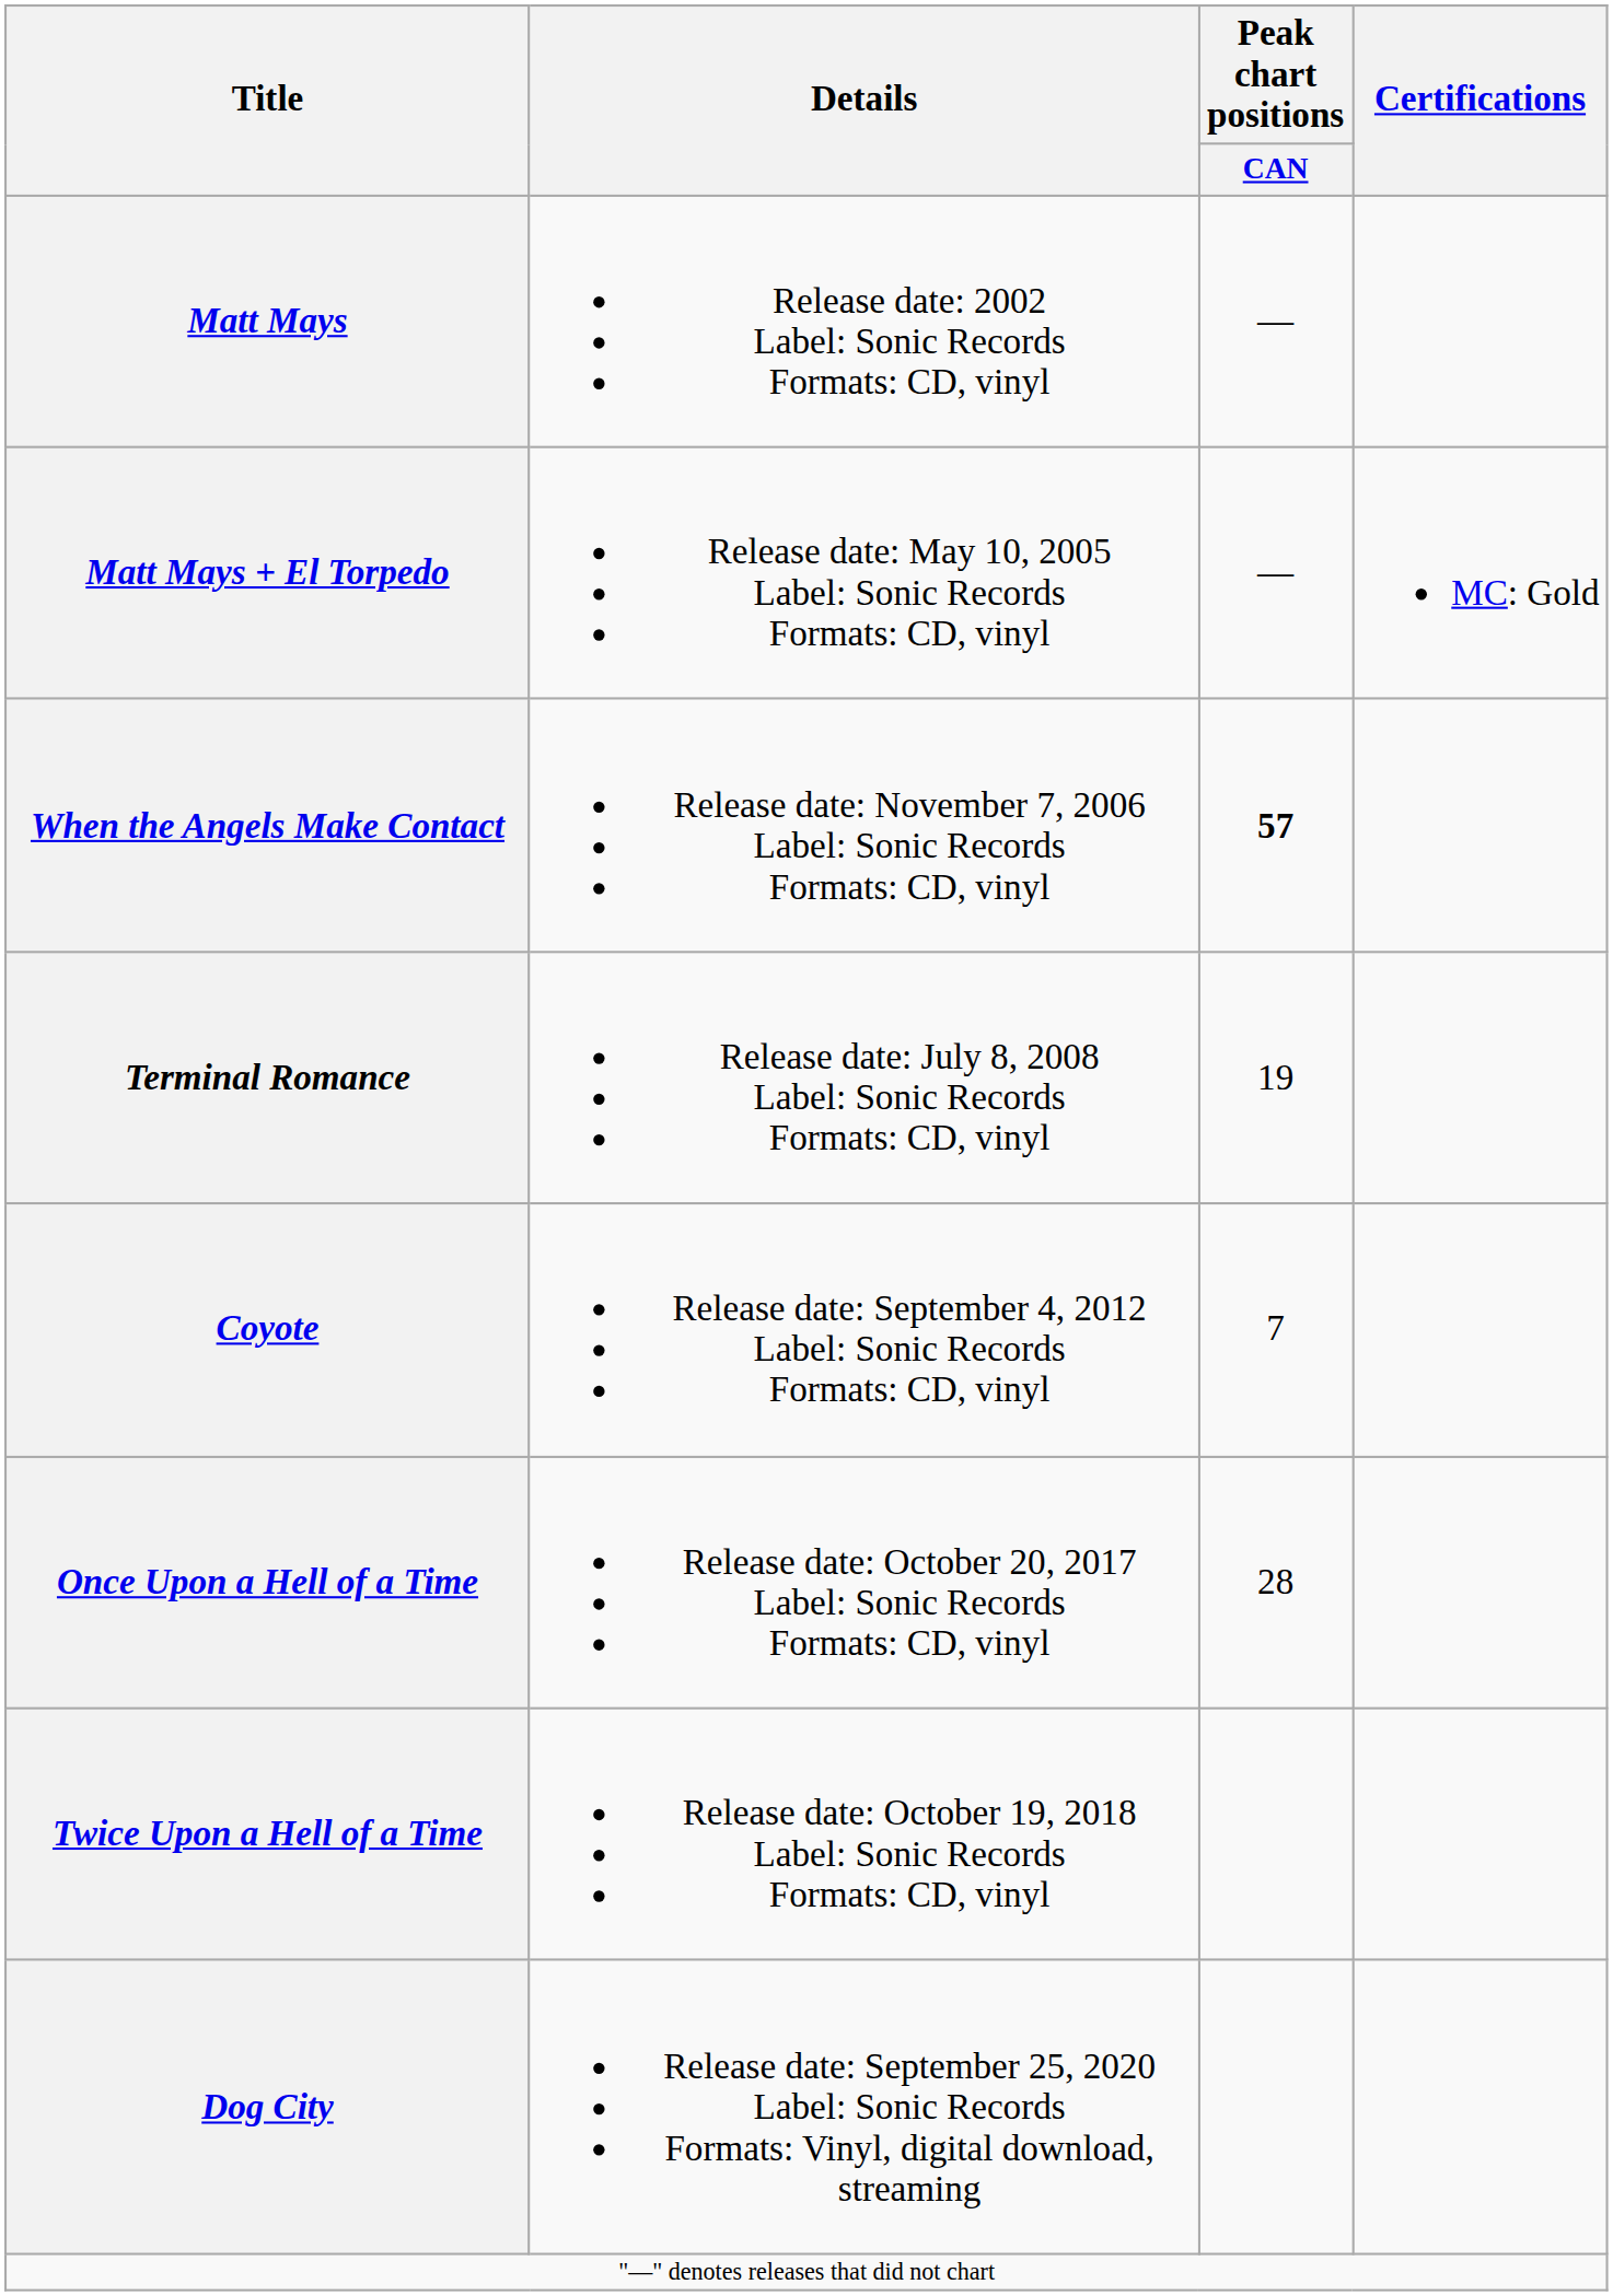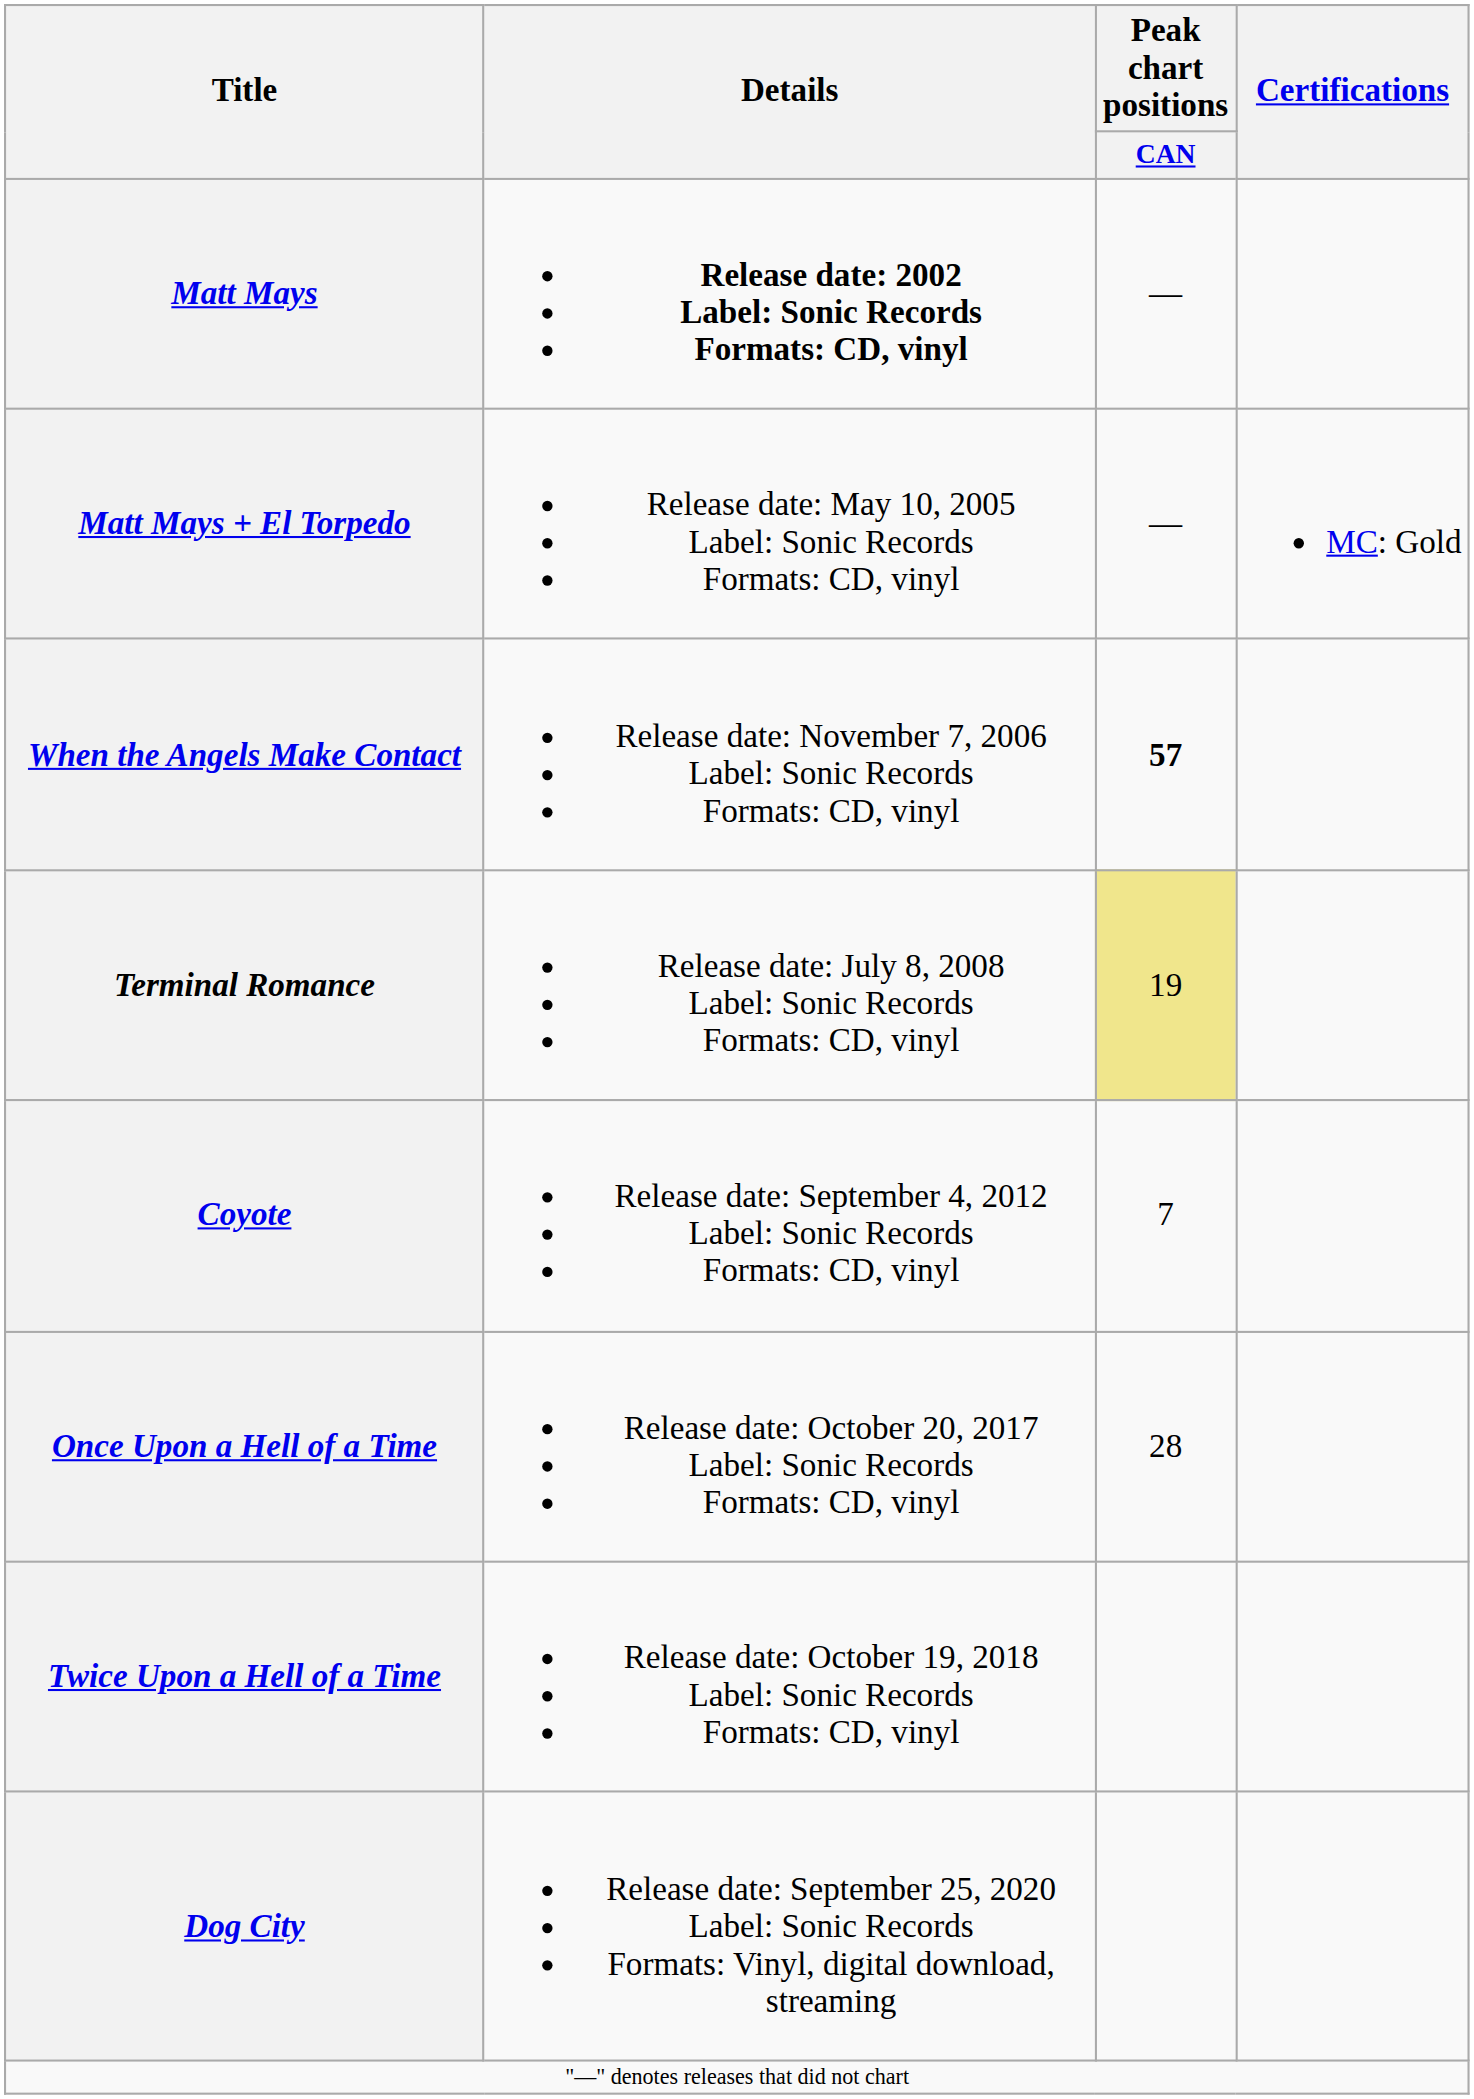 <table class="wikitable plainrowheaders" style="text-align:center;">
 <tr>
 <th rowspan="2" style="width:14em;">Title</th>
 <th rowspan="2" style="width:18em;">Details</th>
 <th colspan="1">Peak chart positions</th>
 <th rowspan="2"><a href='#'>Certifications</a></th>
 </tr>
 <tr style="font-size:smaller;">
 <th style="width:45px;"><a href='#'>CAN</a><br></th>
 </tr>
 <tr>
 <th scope="row"><em><a href='#'>Matt Mays</a></em></th>
-<td><br><ul><li>Release date: 2002</li><li>Label: Sonic Records</li><li>Formats: CD, vinyl</li></ul></td>
+<td><strong><br><ul><li>Release date: 2002</li><li>Label: Sonic Records</li><li>Formats: CD, vinyl</li></ul></strong></td>
 <td>—</td>
 <td></td>
 </tr>
 <tr>
 <th scope="row"><em><a href='#'>Matt Mays + El Torpedo</a></em></th>
 <td><br><ul><li>Release date: May 10, 2005</li><li>Label: Sonic Records</li><li>Formats: CD, vinyl</li></ul></td>
 <td>—</td>
 <td><br><ul><li><a href='#'>MC</a>: Gold</li></ul></td>
 </tr>
 <tr>
 <th scope="row"><em><a href='#'>When the Angels Make Contact</a></em></th>
 <td><br><ul><li>Release date: November 7, 2006</li><li>Label: Sonic Records</li><li>Formats: CD, vinyl</li></ul></td>
 <td><strong>57</strong></td>
 <td></td>
 </tr>
 <tr>
 <th scope="row"><em>Terminal Romance</em></th>
 <td><br><ul><li>Release date: July 8, 2008</li><li>Label: Sonic Records</li><li>Formats: CD, vinyl</li></ul></td>
-<td>19</td>
+<td style="background: khaki;">19</td>
 <td></td>
 </tr>
 <tr>
 <th scope="row"><em><a href='#'>Coyote</a></em></th>
 <td><br><ul><li>Release date: September 4, 2012</li><li>Label: Sonic Records</li><li>Formats: CD, vinyl</li></ul></td>
 <td>7</td>
 <td></td>
 </tr>
 <tr>
 <th scope="row"><em><a href='#'>Once Upon a Hell of a Time</a></em></th>
 <td><br><ul><li>Release date: October 20, 2017</li><li>Label: Sonic Records</li><li>Formats: CD, vinyl</li></ul></td>
 <td>28<br></td>
 <td></td>
 </tr>
 <tr>
 <th scope="row"><em><a href='#'>Twice Upon a Hell of a Time</a></em></th>
 <td><br><ul><li>Release date: October 19, 2018</li><li>Label: Sonic Records</li><li>Formats: CD, vinyl</li></ul></td>
 <td></td>
 <td></td>
 </tr>
 <tr>
 <th scope="row"><em><a href='#'>Dog City</a></em></th>
 <td><br><ul><li>Release date: September 25, 2020</li><li>Label: Sonic Records</li><li>Formats: Vinyl, digital download, streaming</li></ul></td>
 <td></td>
 <td></td>
 </tr>
 <tr>
 <td colspan="15" style="font-size:8pt">"—" denotes releases that did not chart</td>
 </tr>
 </table>
